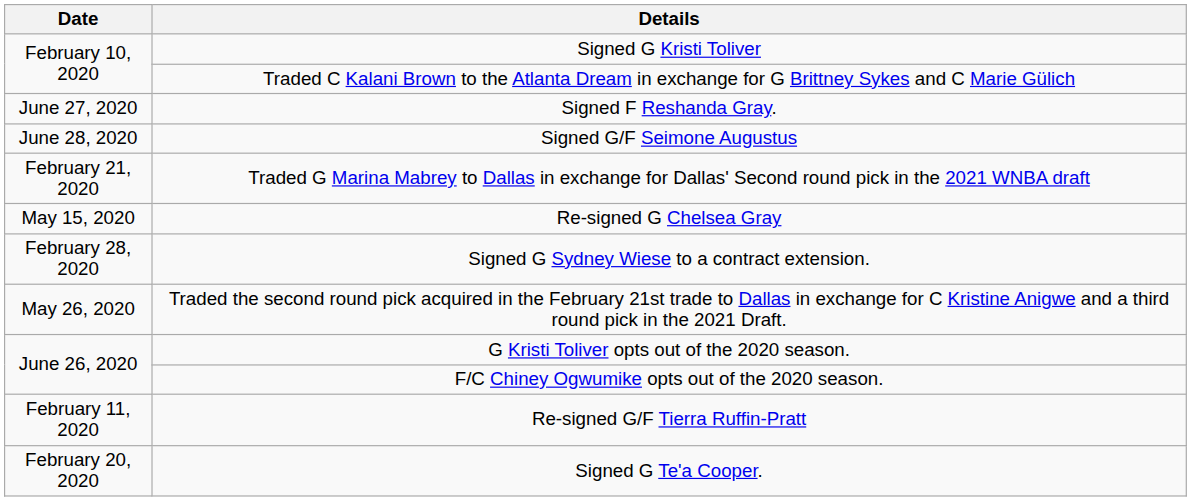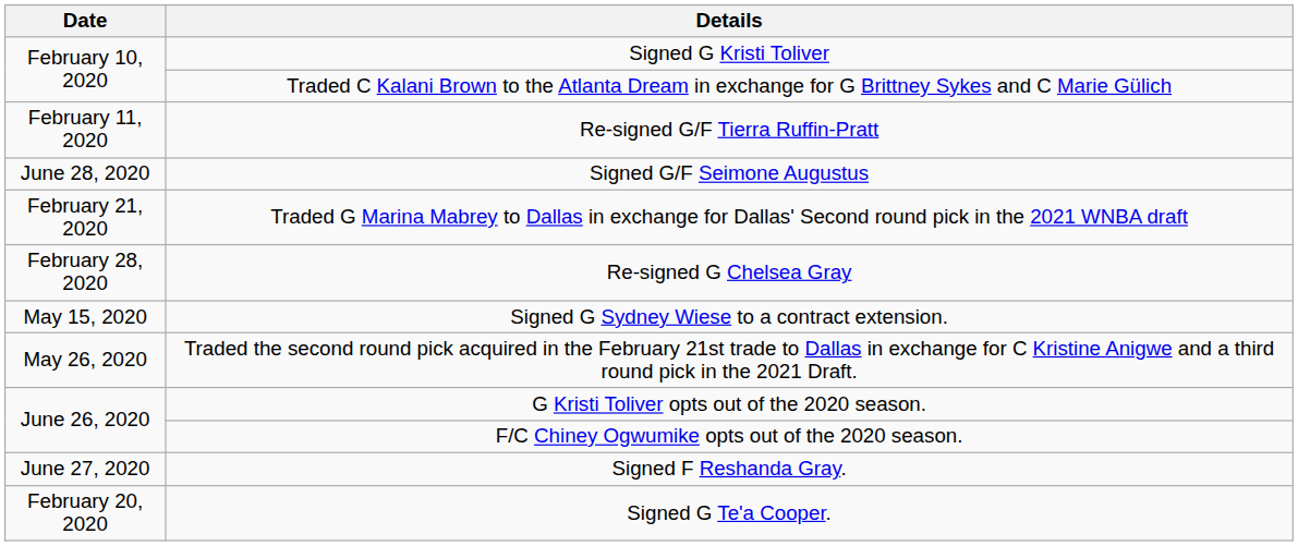 <table class="wikitable" style="width:80%; text-align: center;">
 <tr>
 <th>Date</th>
 <th>Details</th>
 </tr>
 <tr>
 <td rowspan=2>February 10, 2020</td>
 <td>Signed G <a href='#'>Kristi Toliver</a></td>
 </tr>
 <tr>
 <td>Traded C <a href='#'>Kalani Brown</a> to the <a href='#'>Atlanta Dream</a> in exchange for G <a href='#'>Brittney Sykes</a> and C <a href='#'>Marie Gülich</a></td>
 </tr>
 <tr>
-<td>June 27, 2020</td>
-<td>Signed F <a href='#'>Reshanda Gray</a>.</td>
+<td>February 11, 2020</td>
+<td>Re-signed G/F <a href='#'>Tierra Ruffin-Pratt</a></td>
 </tr>
 <tr>
 <td>June 28, 2020</td>
 <td>Signed G/F <a href='#'>Seimone Augustus</a></td>
 </tr>
 <tr>
 <td>February 21, 2020</td>
 <td>Traded G <a href='#'>Marina Mabrey</a> to <a href='#'>Dallas</a> in exchange for Dallas' Second round pick in the <a href='#'>2021 WNBA draft</a></td>
 </tr>
 <tr>
-<td>May 15, 2020</td>
+<td>February 28, 2020</td>
 <td>Re-signed G <a href='#'>Chelsea Gray</a></td>
 </tr>
 <tr>
-<td>February 28, 2020</td>
+<td>May 15, 2020</td>
 <td>Signed G <a href='#'>Sydney Wiese</a> to a contract extension.</td>
 </tr>
 <tr>
 <td>May 26, 2020</td>
 <td>Traded the second round pick acquired in the February 21st trade to <a href='#'>Dallas</a> in exchange for C <a href='#'>Kristine Anigwe</a> and a third round pick in the 2021 Draft.</td>
 </tr>
 <tr>
 <td rowspan=2>June 26, 2020</td>
 <td>G <a href='#'>Kristi Toliver</a> opts out of the 2020 season.</td>
 </tr>
 <tr>
 <td>F/C <a href='#'>Chiney Ogwumike</a> opts out of the 2020 season.</td>
 </tr>
 <tr>
-<td>February 11, 2020</td>
-<td>Re-signed G/F <a href='#'>Tierra Ruffin-Pratt</a></td>
+<td>June 27, 2020</td>
+<td>Signed F <a href='#'>Reshanda Gray</a>.</td>
 </tr>
 <tr>
 <td>February 20, 2020</td>
 <td>Signed G <a href='#'>Te'a Cooper</a>.</td>
 </tr>
 </table>
